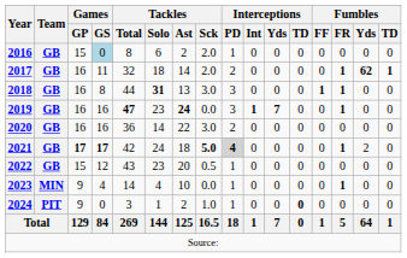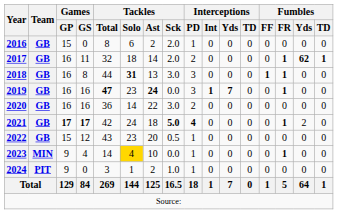 <table class=wikitable style="text-align:center;">
 <tr>
 <th rowspan="2">Year</th>
 <th rowspan="2">Team</th>
 <th colspan="2">Games</th>
 <th colspan="4">Tackles</th>
 <th colspan="4">Interceptions</th>
 <th colspan="4">Fumbles</th>
 </tr>
 <tr>
 <th>GP</th>
 <th>GS</th>
 <th>Total</th>
 <th>Solo</th>
 <th>Ast</th>
 <th>Sck</th>
 <th>PD</th>
 <th>Int</th>
 <th>Yds</th>
 <th>TD</th>
 <th>FF</th>
 <th>FR</th>
 <th>Yds</th>
 <th>TD</th>
 </tr>
 <tr>
 <th><a href='#'>2016</a></th>
 <th><a href='#'>GB</a></th>
 <td>15</td>
-<td style="background: lightblue;">0</td>
+<td>0</td>
 <td>8</td>
 <td>6</td>
 <td>2</td>
 <td>2.0</td>
 <td>1</td>
 <td>0</td>
 <td>0</td>
 <td>0</td>
 <td>0</td>
 <td>0</td>
 <td>0</td>
 <td>0</td>
 </tr>
 <tr>
 <th><a href='#'>2017</a></th>
 <th><a href='#'>GB</a></th>
 <td>16</td>
 <td>11</td>
 <td>32</td>
 <td>18</td>
 <td>14</td>
 <td>2.0</td>
 <td>2</td>
 <td>0</td>
 <td>0</td>
 <td>0</td>
 <td>0</td>
 <td><strong>1</strong></td>
 <td><strong>62</strong></td>
 <td><strong>1</strong></td>
 </tr>
 <tr>
 <th><a href='#'>2018</a></th>
 <th><a href='#'>GB</a></th>
 <td>16</td>
 <td>8</td>
 <td>44</td>
 <td><strong>31</strong></td>
 <td>13</td>
 <td>3.0</td>
 <td>3</td>
 <td>0</td>
 <td>0</td>
 <td>0</td>
 <td><strong>1</strong></td>
 <td><strong>1</strong></td>
 <td>0</td>
 <td>0</td>
 </tr>
 <tr>
 <th><a href='#'>2019</a></th>
 <th><a href='#'>GB</a></th>
 <td>16</td>
 <td>16</td>
 <td><strong>47 </strong></td>
 <td>23</td>
 <td><strong>24</strong></td>
 <td>0.0</td>
 <td>3</td>
 <td><strong>1</strong></td>
 <td><strong>7</strong></td>
 <td>0</td>
 <td>0</td>
 <td><strong>1</strong></td>
 <td>0</td>
 <td>0</td>
 </tr>
 <tr>
 <th><a href='#'>2020</a></th>
 <th><a href='#'>GB</a></th>
 <td>16</td>
 <td>16</td>
 <td>36</td>
 <td>14</td>
 <td>22</td>
 <td>3.0</td>
 <td>2</td>
 <td>0</td>
 <td>0</td>
 <td>0</td>
 <td>0</td>
 <td>0</td>
 <td>0</td>
 <td>0</td>
 </tr>
 <tr>
 <th><a href='#'>2021</a></th>
 <th><a href='#'>GB</a></th>
 <td><strong>17</strong></td>
 <td><strong>17</strong></td>
 <td>42</td>
 <td>24</td>
 <td>18</td>
 <td><strong>5.0</strong></td>
-<td style="background: lightgrey;"><strong>4</strong></td>
+<td><strong>4</strong></td>
 <td>0</td>
 <td>0</td>
 <td>0</td>
 <td>0</td>
 <td><strong>1</strong></td>
 <td>2</td>
 <td>0</td>
 </tr>
 <tr>
 <th><a href='#'>2022</a></th>
 <th><a href='#'>GB</a></th>
 <td>15</td>
 <td>12</td>
 <td>43</td>
 <td>23</td>
 <td>20</td>
 <td>0.5</td>
 <td>1</td>
 <td>0</td>
 <td>0</td>
 <td>0</td>
 <td>0</td>
 <td>0</td>
 <td>0</td>
 <td>0</td>
 </tr>
 <tr>
 <th><a href='#'>2023</a></th>
 <th><a href='#'>MIN</a></th>
 <td>9</td>
 <td>4</td>
 <td>14</td>
-<td>4</td>
+<td style="background: gold;">4</td>
 <td>10</td>
 <td>0.0</td>
 <td>1</td>
 <td>0</td>
 <td>0</td>
 <td>0</td>
 <td>0</td>
 <td><strong>1</strong></td>
 <td>0</td>
 <td>0</td>
 </tr>
 <tr>
 <th><a href='#'>2024</a></th>
 <th><a href='#'>PIT</a></th>
 <td>9</td>
 <td>0</td>
 <td>3</td>
 <td>1</td>
 <td>2</td>
 <td>1.0</td>
 <td>1</td>
 <td>0</td>
 <td>0</td>
-<td><strong>0</strong></td>
+<td>0</td>
 <td>0</td>
 <td>0</td>
 <td>0</td>
 <td>0</td>
 </tr>
 <tr>
 <th colspan="2">Total</th>
 <th>129</th>
 <th>84</th>
 <th>269</th>
 <th>144</th>
 <th>125</th>
 <th>16.5</th>
 <th>18</th>
 <th>1</th>
 <th>7</th>
 <th>0</th>
 <th>1</th>
 <th>5</th>
 <th>64</th>
 <th>1</th>
 </tr>
 <tr>
 <td colspan="16"><small>Source: </small></td>
 </tr>
 </table>
